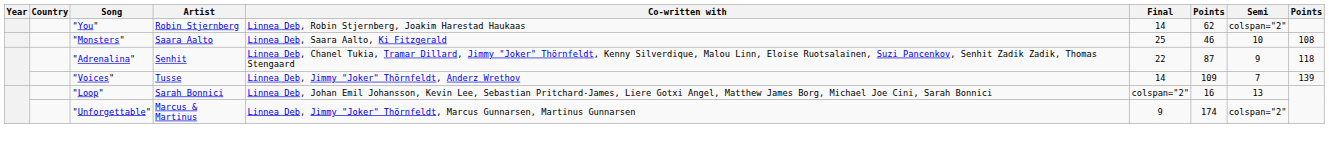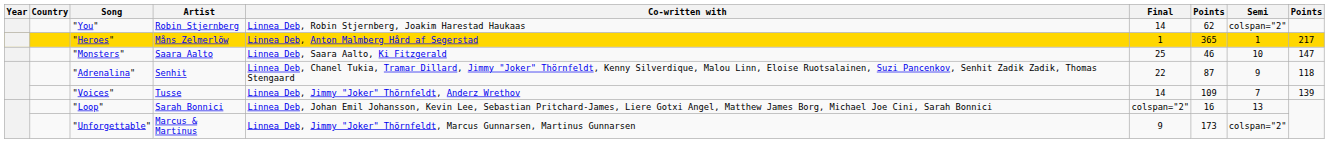 <table class="sortable wikitable plainrowheaders">
 <tr>
 <th scope="col">Year</th>
 <th scope="col">Country</th>
 <th scope="col">Song</th>
 <th scope="col">Artist</th>
 <th scope="col">Co-written with</th>
 <th scope="col">Final</th>
 <th scope="col">Points</th>
 <th scope="col">Semi</th>
 <th scope="col">Points</th>
 </tr>
 <tr>
 <th scope="row" style="text-align:center;"></th>
 <td></td>
 <td>"<a href='#'>You</a>"</td>
 <td><a href='#'>Robin Stjernberg</a></td>
 <td><a href='#'>Linnea Deb</a>, Robin Stjernberg, Joakim Harestad Haukaas</td>
 <td align="center">14</td>
 <td align="center">62</td>
 <td>colspan="2" </td>
 </tr>
+<tr style="background:gold;">
+<th scope="row" style="text-align:center;"></th>
+<td></td>
+<td>"<a href='#'>Heroes</a>"</td>
+<td><a href='#'>Måns Zelmerlöw</a></td>
+<td><a href='#'>Linnea Deb</a>, <a href='#'>Anton Malmberg Hård af Segerstad</a></td>
+<td align="center">1</td>
+<td align="center">365</td>
+<td align="center">1</td>
+<td align="center">217</td>
+</tr>
 <tr>
 <th scope="row" style="text-align:center;"></th>
 <td></td>
 <td>"<a href='#'>Monsters</a>"</td>
 <td><a href='#'>Saara Aalto</a></td>
 <td><a href='#'>Linnea Deb</a>, Saara Aalto, <a href='#'>Ki Fitzgerald</a></td>
 <td align=center>25</td>
 <td align=center>46</td>
 <td align=center>10</td>
-<td align=center>108</td>
+<td align=center>147</td>
 </tr>
 <tr>
 <th rowspan="2" scope="row" style="text-align:center;"></th>
 <td></td>
 <td>"<a href='#'>Adrenalina</a>"</td>
 <td><a href='#'>Senhit</a></td>
 <td><a href='#'>Linnea Deb</a>, Chanel Tukia, <a href='#'>Tramar Dillard</a>, <a href='#'>Jimmy "Joker" Thörnfeldt</a>, Kenny Silverdique, Malou Linn, Eloise Ruotsalainen, <a href='#'>Suzi Pancenkov</a>, Senhit Zadik Zadik, Thomas Stengaard</td>
 <td align=center>22</td>
 <td align=center>87</td>
 <td align=center>9</td>
 <td align=center>118</td>
 </tr>
 <tr>
 <td></td>
 <td>"<a href='#'>Voices</a>"</td>
 <td><a href='#'>Tusse</a></td>
 <td><a href='#'>Linnea Deb</a>, <a href='#'>Jimmy "Joker" Thörnfeldt</a>, <a href='#'>Anderz Wrethov</a></td>
 <td align=center>14</td>
 <td align=center>109</td>
 <td align=center>7</td>
 <td align=center>139</td>
 </tr>
 <tr>
 <th rowspan="2" scope="row" style="text-align:center;"></th>
 <td></td>
 <td>"<a href='#'>Loop</a>"</td>
 <td><a href='#'>Sarah Bonnici</a></td>
 <td><a href='#'>Linnea Deb</a>, Johan Emil Johansson, Kevin Lee, Sebastian Pritchard-James, Liere Gotxi Angel, Matthew James Borg, Michael Joe Cini, Sarah Bonnici</td>
 <td>colspan="2" </td>
 <td align="center">16</td>
 <td align="center">13</td>
 </tr>
 <tr>
 <td></td>
 <td>"<a href='#'>Unforgettable</a>"</td>
 <td><a href='#'>Marcus & Martinus</a></td>
 <td><a href='#'>Linnea Deb</a>, <a href='#'>Jimmy "Joker" Thörnfeldt</a>, Marcus Gunnarsen, Martinus Gunnarsen</td>
 <td align=center>9</td>
-<td align=center>174</td>
+<td align=center>173</td>
 <td>colspan="2" </td>
 </tr>
 </table>
